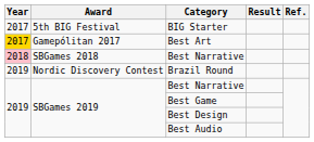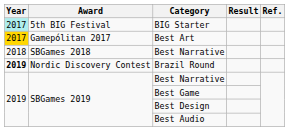 <table class="wikitable">
 <tr>
 <th>Year</th>
 <th>Award</th>
 <th>Category</th>
 <th>Result</th>
 <th>Ref.</th>
 </tr>
 <tr>
-<td>2017</td>
+<td style="background: paleturquoise;">2017</td>
 <td>5th BIG Festival</td>
 <td>BIG Starter</td>
 <td></td>
 <td></td>
 </tr>
 <tr>
 <td style="background: gold;">2017</td>
 <td>Gamepólitan 2017</td>
 <td>Best Art</td>
 <td></td>
 <td></td>
 </tr>
 <tr>
-<td style="background: pink;">2018</td>
+<td>2018</td>
 <td>SBGames 2018</td>
 <td>Best Narrative</td>
 <td></td>
 <td></td>
 </tr>
 <tr>
-<td>2019</td>
+<td><strong>2019</strong></td>
 <td>Nordic Discovery Contest</td>
 <td>Brazil Round</td>
 <td></td>
 <td></td>
 </tr>
 <tr>
 <td rowspan="4">2019</td>
 <td rowspan="4">SBGames 2019</td>
 <td>Best Narrative</td>
 <td></td>
 <td rowspan="7"></td>
 </tr>
 <tr>
 <td>Best Game</td>
 <td></td>
 </tr>
 <tr>
 <td>Best Design</td>
 <td></td>
 </tr>
 <tr>
 <td>Best Audio</td>
 <td></td>
 </tr>
 </table>
